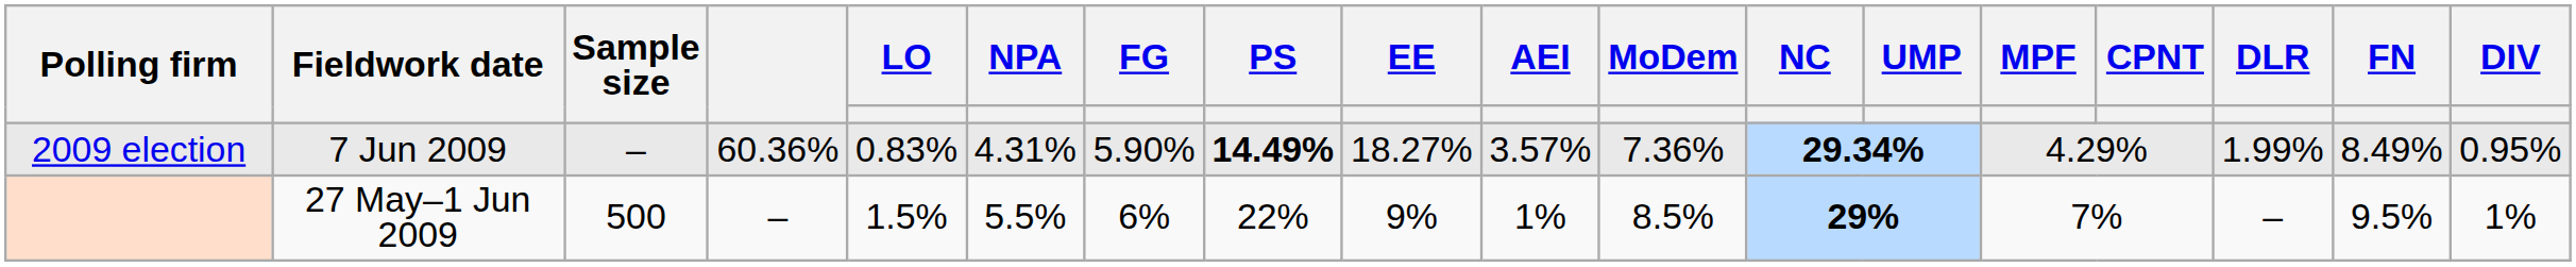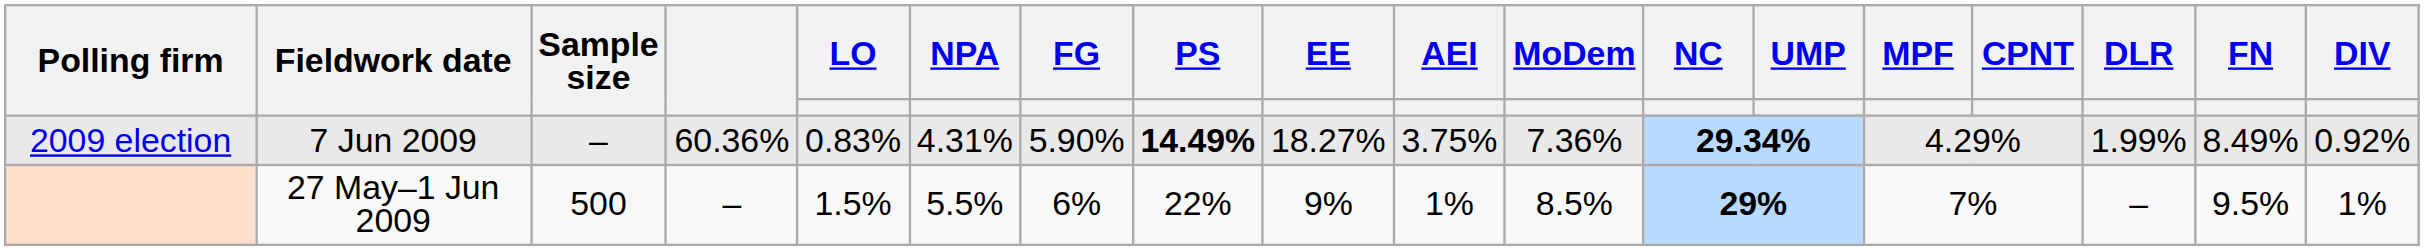 <table class="wikitable sortable" style="text-align:center;font-size:90%;line-height:14px;">
 <tr style="height:40px;">
 <th style="width:100px;" rowspan="2">Polling firm</th>
 <th style="width:110px;" rowspan="2">Fieldwork date</th>
 <th style="width:35px;" rowspan="2">Sample<br>size</th>
 <th style="width:30px;" rowspan="2"></th>
 <th class="unsortable" style="width:40px;"><a href='#'>LO</a></th>
 <th class="unsortable" style="width:40px;"><a href='#'>NPA</a></th>
 <th class="unsortable" style="width:40px;"><a href='#'>FG</a></th>
 <th class="unsortable" style="width:40px;"><a href='#'>PS</a></th>
 <th class="unsortable" style="width:40px;"><a href='#'>EE</a></th>
 <th class="unsortable" style="width:40px;"><a href='#'>AEI</a></th>
 <th class="unsortable" style="width:40px;"><a href='#'>MoDem</a></th>
 <th class="unsortable" style="width:40px;"><a href='#'>NC</a></th>
 <th class="unsortable" style="width:40px;"><a href='#'>UMP</a></th>
 <th class="unsortable" style="width:40px;"><a href='#'>MPF</a></th>
 <th class="unsortable" style="width:40px;"><a href='#'>CPNT</a></th>
 <th class="unsortable" style="width:40px;"><a href='#'>DLR</a></th>
 <th class="unsortable" style="width:40px;"><a href='#'>FN</a></th>
 <th class="unsortable" style="width:40px;"><a href='#'>DIV</a></th>
 </tr>
 <tr>
 <th style="background:"></th>
 <th style="background:"></th>
 <th style="background:"></th>
 <th style="background:"></th>
 <th style="background:"></th>
 <th style="background:"></th>
 <th style="background:"></th>
 <th style="background:"></th>
 <th style="background:"></th>
 <th style="background:"></th>
 <th style="background:"></th>
 <th style="background:"></th>
 <th style="background:"></th>
 <th style="background:"></th>
 </tr>
 <tr style="background:#E9E9E9;">
 <td><a href='#'>2009 election</a></td>
 <td data-sort-value="2009-06-07">7 Jun 2009</td>
 <td>–</td>
 <td>60.36%</td>
 <td>0.83%</td>
 <td>4.31%</td>
 <td>5.90%</td>
 <td><strong>14.49%</strong></td>
 <td>18.27%</td>
-<td>3.57%</td>
+<td>3.75%</td>
 <td>7.36%</td>
 <td style="background:#B9DAFF;" colspan="2"><strong>29.34%</strong></td>
 <td colspan="2">4.29%</td>
 <td>1.99%</td>
 <td>8.49%</td>
-<td>0.95%</td>
+<td>0.92%</td>
 </tr>
 <tr>
 <td style="background:#FFDFCC;"></td>
 <td data-sort-value="2009-06-01">27 May–1 Jun 2009</td>
 <td>500</td>
 <td>–</td>
 <td>1.5%</td>
 <td>5.5%</td>
 <td>6%</td>
 <td>22%</td>
 <td>9%</td>
 <td>1%</td>
 <td>8.5%</td>
 <td style="background:#B9DAFF;" colspan="2"><strong>29%</strong></td>
 <td colspan="2">7%</td>
 <td>–</td>
 <td>9.5%</td>
 <td>1%</td>
 </tr>
 </table>
